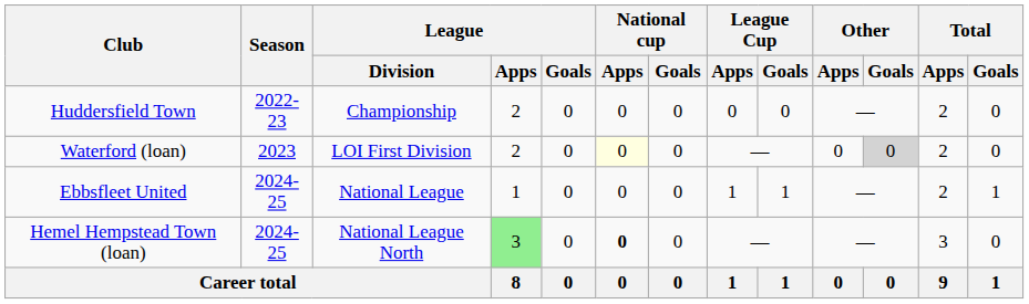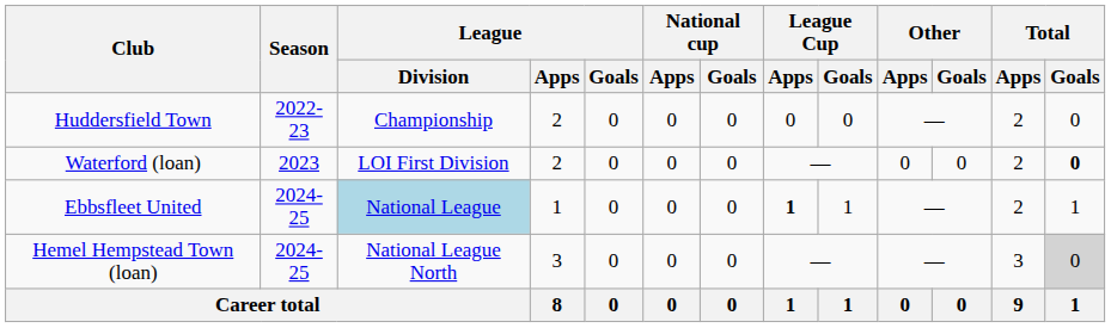 <table class="wikitable" style="text-align:center">
 <tr>
 <th rowspan="2">Club</th>
 <th rowspan="2">Season</th>
 <th colspan="3">League</th>
 <th colspan="2">National cup</th>
 <th colspan="2">League Cup</th>
 <th colspan="2">Other</th>
 <th colspan="2">Total</th>
 </tr>
 <tr>
 <th>Division</th>
 <th>Apps</th>
 <th>Goals</th>
 <th>Apps</th>
 <th>Goals</th>
 <th>Apps</th>
 <th>Goals</th>
 <th>Apps</th>
 <th>Goals</th>
 <th>Apps</th>
 <th>Goals</th>
 </tr>
 <tr>
 <td><a href='#'>Huddersfield Town</a></td>
 <td><a href='#'>2022-23</a></td>
 <td><a href='#'>Championship</a></td>
 <td>2</td>
 <td>0</td>
 <td>0</td>
 <td>0</td>
 <td>0</td>
 <td>0</td>
 <td colspan="2">—</td>
 <td>2</td>
 <td>0</td>
 </tr>
 <tr>
 <td><a href='#'>Waterford</a> (loan)</td>
 <td><a href='#'>2023</a></td>
 <td><a href='#'>LOI First Division</a></td>
 <td>2</td>
 <td>0</td>
-<td style="background: lightyellow;">0</td>
+<td>0</td>
 <td>0</td>
 <td colspan="2">—</td>
 <td>0</td>
-<td style="background: lightgrey;">0</td>
+<td>0</td>
 <td>2</td>
-<td>0</td>
+<td><strong>0</strong></td>
 </tr>
 <tr>
 <td><a href='#'>Ebbsfleet United</a></td>
 <td><a href='#'>2024-25</a></td>
-<td><a href='#'>National League</a></td>
+<td style="background: lightblue;"><a href='#'>National League</a></td>
 <td>1</td>
 <td>0</td>
 <td>0</td>
 <td>0</td>
-<td>1</td>
+<td><strong>1</strong></td>
 <td>1</td>
 <td colspan="2">—</td>
 <td>2</td>
 <td>1</td>
 </tr>
 <tr>
 <td><a href='#'>Hemel Hempstead Town</a> (loan)</td>
 <td><a href='#'>2024-25</a></td>
 <td><a href='#'>National League North</a></td>
-<td style="background: lightgreen;">3</td>
+<td>3</td>
 <td>0</td>
-<td><strong>0</strong></td>
+<td>0</td>
 <td>0</td>
 <td colspan="2">—</td>
 <td colspan="2">—</td>
 <td>3</td>
-<td>0</td>
+<td style="background: lightgrey;">0</td>
 </tr>
 <tr>
 <th colspan="3">Career total</th>
 <th>8</th>
 <th>0</th>
 <th>0</th>
 <th>0</th>
 <th>1</th>
 <th>1</th>
 <th>0</th>
 <th>0</th>
 <th>9</th>
 <th>1</th>
 </tr>
 </table>
